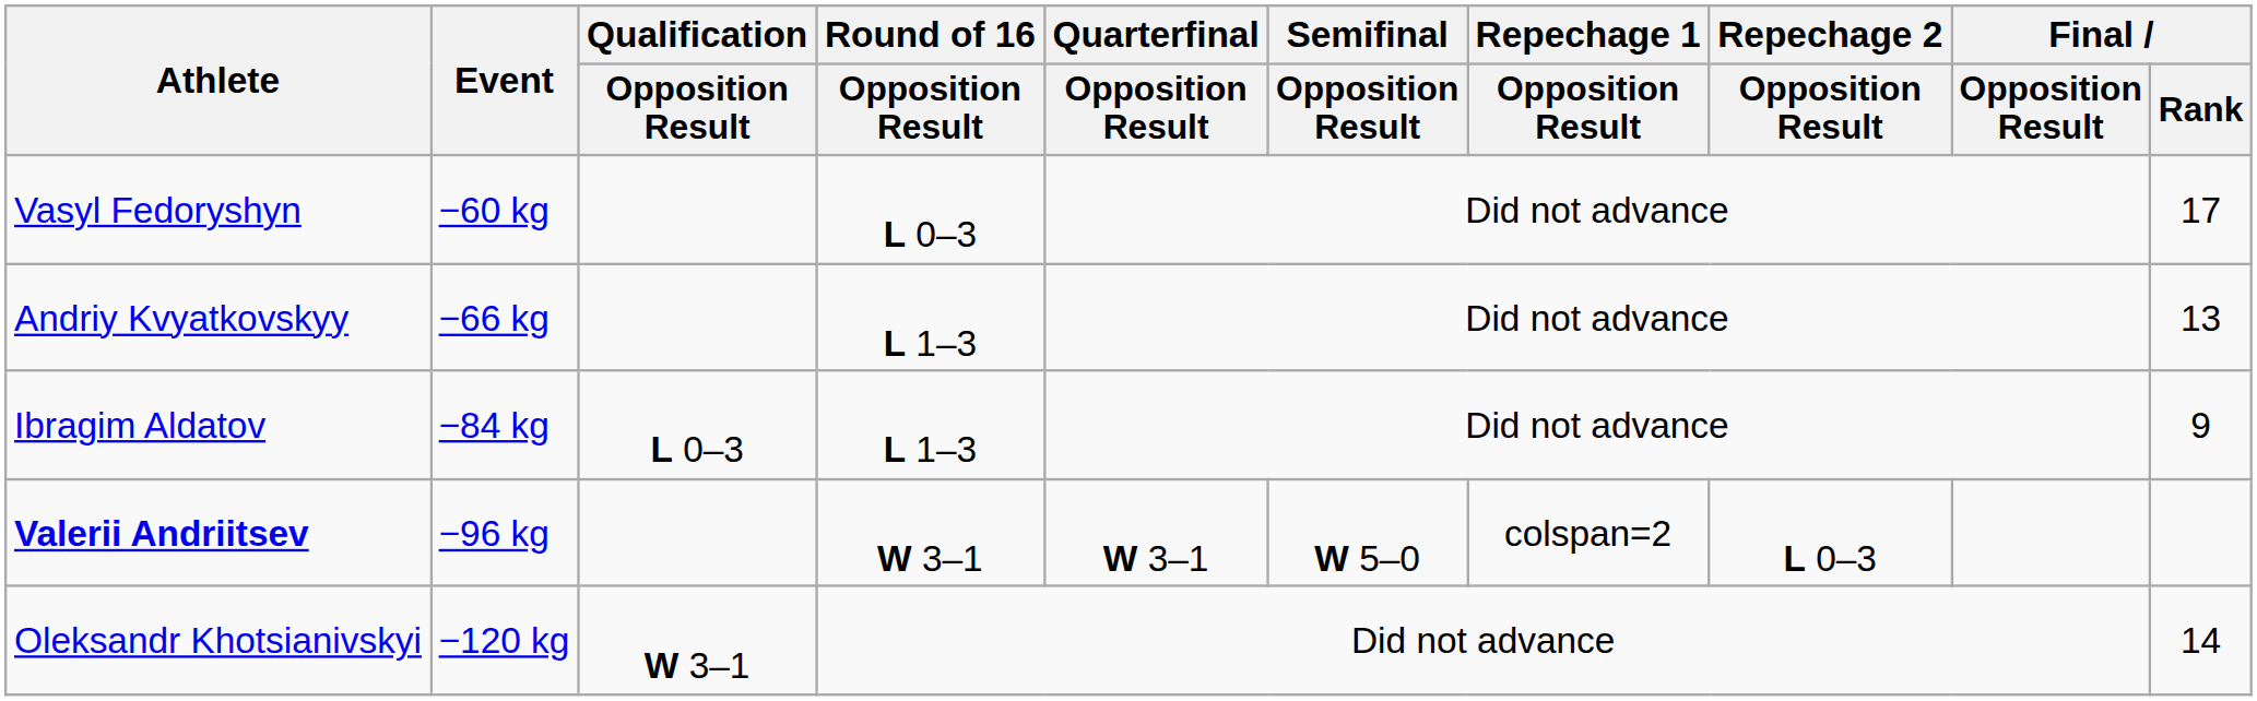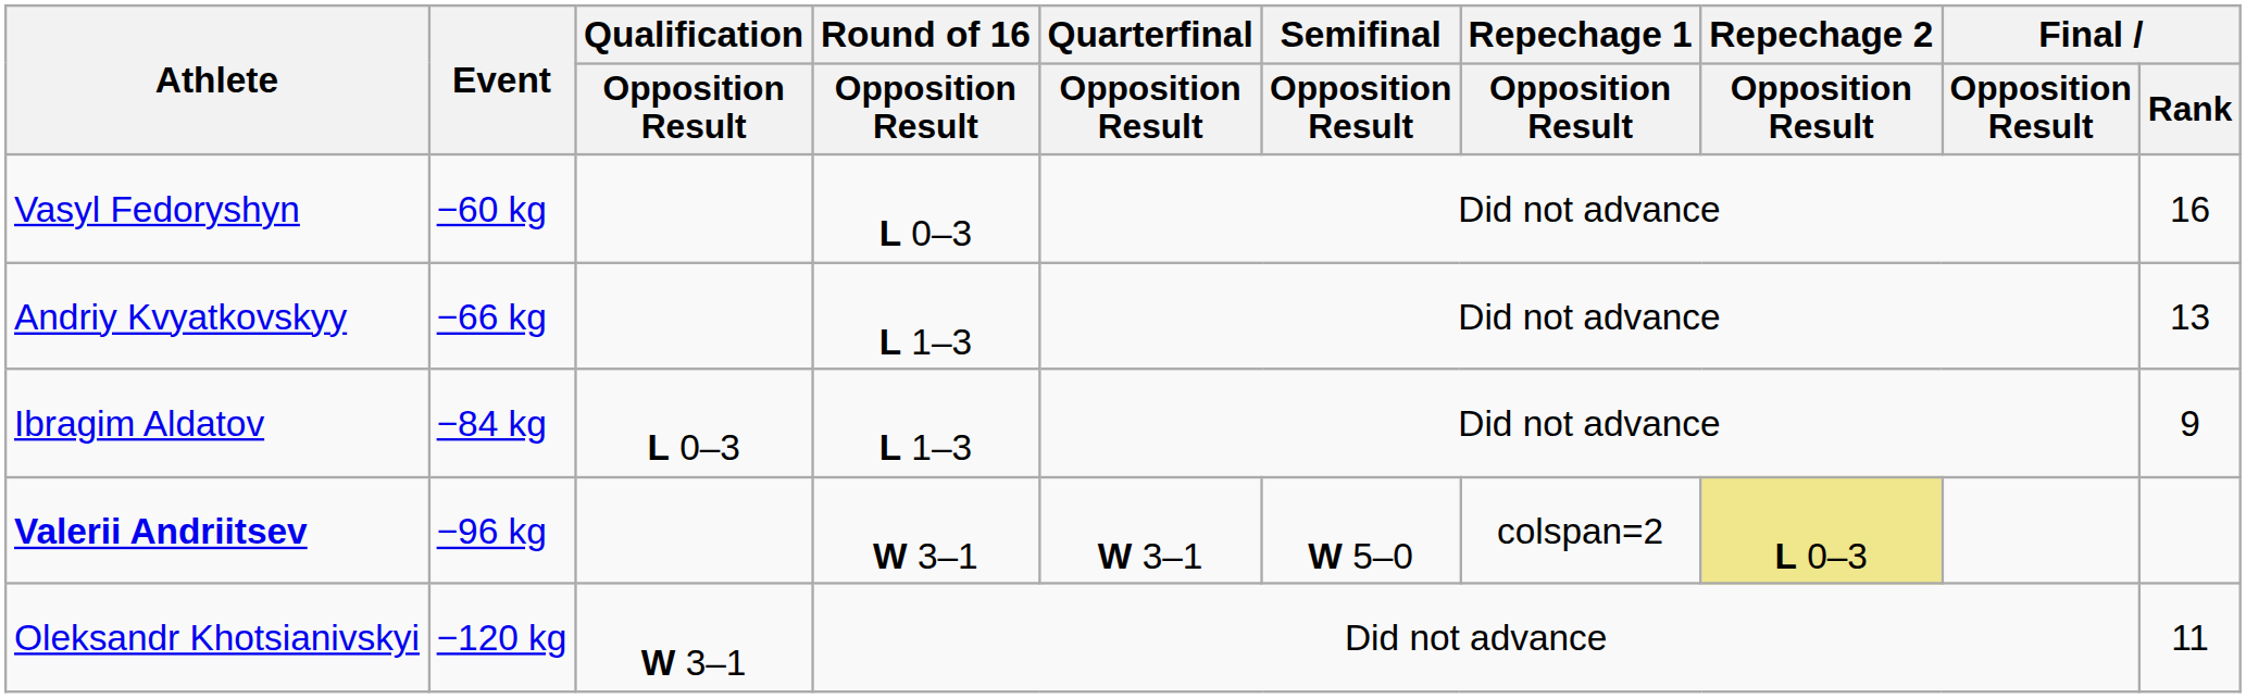 <table class="wikitable" style="font-size:90%">
 <tr>
 <th rowspan="2">Athlete</th>
 <th rowspan="2">Event</th>
 <th>Qualification</th>
 <th>Round of 16</th>
 <th>Quarterfinal</th>
 <th>Semifinal</th>
 <th>Repechage 1</th>
 <th>Repechage 2</th>
 <th colspan=2>Final / </th>
 </tr>
 <tr style="font-size: 95%">
 <th>Opposition<br>Result</th>
 <th>Opposition<br>Result</th>
 <th>Opposition<br>Result</th>
 <th>Opposition<br>Result</th>
 <th>Opposition<br>Result</th>
 <th>Opposition<br>Result</th>
 <th>Opposition<br>Result</th>
 <th>Rank</th>
 </tr>
 <tr align=center>
 <td align=left><a href='#'>Vasyl Fedoryshyn</a></td>
 <td align=left><a href='#'>−60 kg</a></td>
 <td></td>
 <td><br><strong>L</strong> 0–3 <sup></sup></td>
 <td colspan=5>Did not advance</td>
-<td>17</td>
+<td>16</td>
 </tr>
 <tr align=center>
 <td align=left><a href='#'>Andriy Kvyatkovskyy</a></td>
 <td align=left><a href='#'>−66 kg</a></td>
 <td></td>
 <td><br><strong>L</strong> 1–3 <sup></sup></td>
 <td colspan=5>Did not advance</td>
 <td>13</td>
 </tr>
 <tr align=center>
 <td align=left><a href='#'>Ibragim Aldatov</a></td>
 <td align=left><a href='#'>−84 kg</a></td>
 <td><br><strong>L</strong> 0–3 <sup></sup></td>
 <td><br><strong>L</strong> 1–3 <sup></sup></td>
 <td colspan=5>Did not advance</td>
 <td>9</td>
 </tr>
 <tr align=center>
 <td align=left><strong><a href='#'>Valerii Andriitsev</a></strong></td>
 <td align=left><a href='#'>−96 kg</a></td>
 <td></td>
 <td><br><strong>W</strong> 3–1 <sup></sup></td>
 <td><br><strong>W</strong> 3–1 <sup></sup></td>
 <td><br><strong>W</strong> 5–0 <sup></sup></td>
 <td>colspan=2 </td>
-<td><br><strong>L</strong> 0–3 <sup></sup></td>
+<td style="background: khaki;"><br><strong>L</strong> 0–3 <sup></sup></td>
 <td></td>
 </tr>
 <tr align=center>
 <td align=left><a href='#'>Oleksandr Khotsianivskyi</a></td>
 <td align=left><a href='#'>−120 kg</a></td>
 <td><br><strong>W</strong> 3–1 <sup></sup></td>
 <td colspan=6>Did not advance</td>
-<td>14</td>
+<td>11</td>
 </tr>
 </table>
